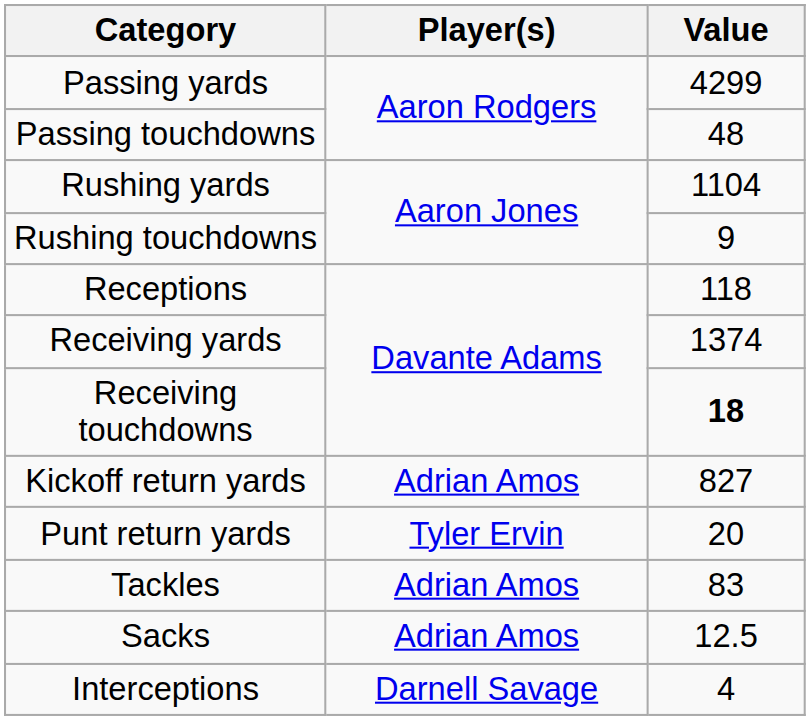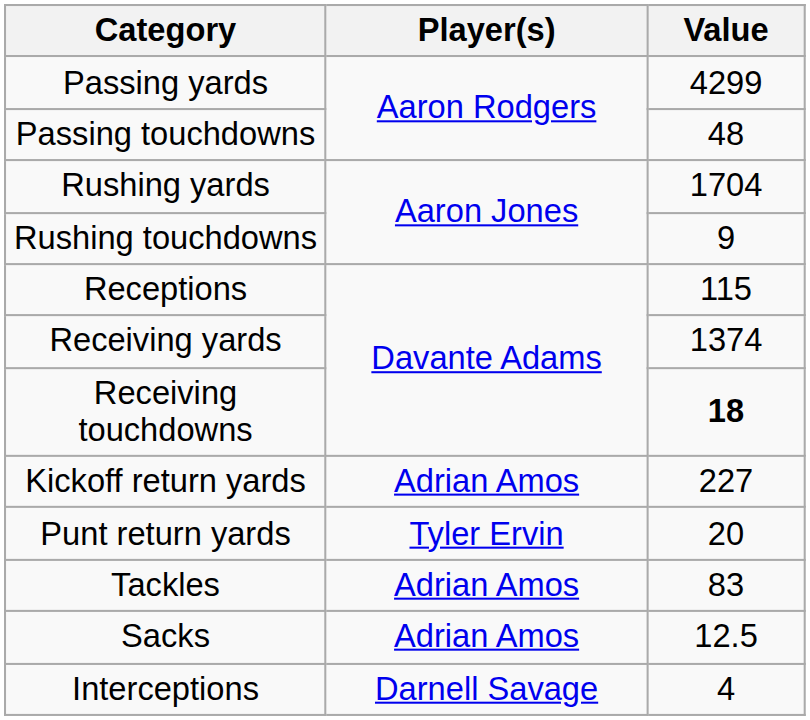 <table class="wikitable" style="text-align:center">
 <tr>
 <th width="150">Category</th>
 <th width="150">Player(s)</th>
 <th width="70">Value</th>
 </tr>
 <tr>
 <td>Passing yards</td>
 <td rowspan="2"><a href='#'>Aaron Rodgers</a></td>
 <td>4299</td>
 </tr>
 <tr>
 <td>Passing touchdowns</td>
 <td>48</td>
 </tr>
 <tr>
 <td>Rushing yards</td>
 <td rowspan="2"><a href='#'>Aaron Jones</a></td>
-<td>1104</td>
+<td>1704</td>
 </tr>
 <tr>
 <td>Rushing touchdowns</td>
 <td>9</td>
 </tr>
 <tr>
 <td>Receptions</td>
 <td rowspan=3><a href='#'>Davante Adams</a></td>
-<td>118</td>
+<td>115</td>
 </tr>
 <tr>
 <td>Receiving yards</td>
 <td>1374</td>
 </tr>
 <tr>
 <td>Receiving touchdowns</td>
 <td><strong>18</strong></td>
 </tr>
 <tr>
 <td>Kickoff return yards</td>
 <td><a href='#'>Adrian Amos</a></td>
-<td>827</td>
+<td>227</td>
 </tr>
 <tr>
 <td>Punt return yards</td>
 <td><a href='#'>Tyler Ervin</a></td>
 <td>20</td>
 </tr>
 <tr>
 <td>Tackles</td>
 <td><a href='#'>Adrian Amos</a></td>
 <td>83</td>
 </tr>
 <tr>
 <td>Sacks</td>
 <td><a href='#'>Adrian Amos</a></td>
 <td>12.5</td>
 </tr>
 <tr>
 <td>Interceptions</td>
 <td><a href='#'>Darnell Savage</a></td>
 <td>4</td>
 </tr>
 </table>
